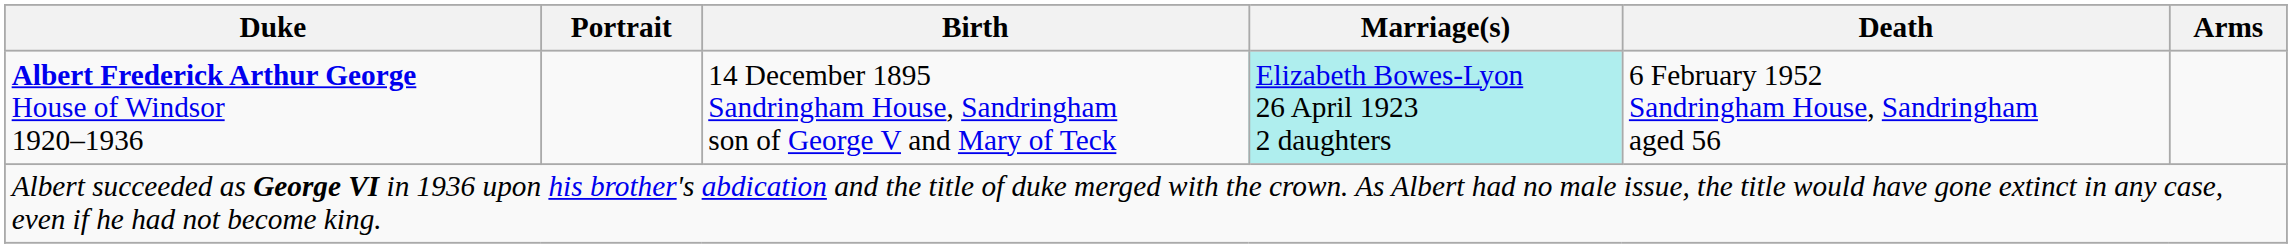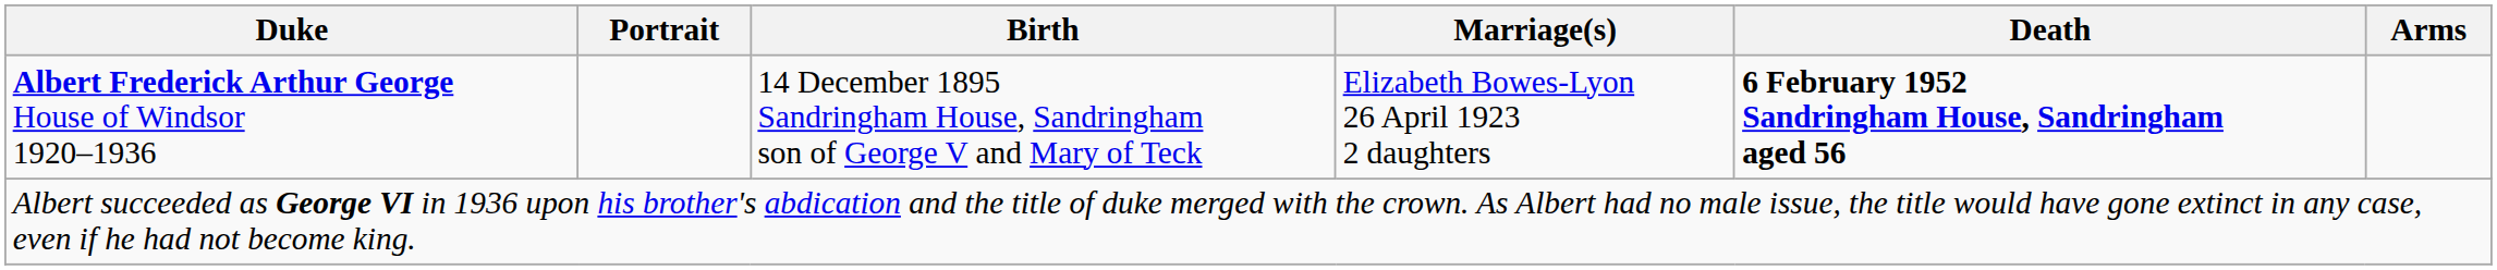 <table class="wikitable">
 <tr>
 <th>Duke</th>
 <th>Portrait</th>
 <th>Birth</th>
 <th>Marriage(s)</th>
 <th>Death</th>
 <th>Arms</th>
 </tr>
 <tr>
 <td><strong><a href='#'>Albert Frederick Arthur George</a> </strong><br><a href='#'>House of Windsor</a><br>1920–1936<br><em></em></td>
 <td></td>
 <td>14 December 1895<br><a href='#'>Sandringham House</a>, <a href='#'>Sandringham</a><br>son of <a href='#'>George V</a> and <a href='#'>Mary of Teck</a></td>
-<td style="background: paleturquoise;"><a href='#'>Elizabeth Bowes-Lyon</a><br>26 April 1923<br>2 daughters</td>
-<td>6 February 1952<br><a href='#'>Sandringham House</a>, <a href='#'>Sandringham</a><br>aged 56</td>
+<td><a href='#'>Elizabeth Bowes-Lyon</a><br>26 April 1923<br>2 daughters</td>
+<td><strong>6 February 1952<br><a href='#'>Sandringham House</a>, <a href='#'>Sandringham</a><br>aged 56</strong></td>
 <td></td>
 </tr>
 <tr>
 <td colspan="6"><em>Albert succeeded as <strong>George VI</strong> in 1936 upon <a href='#'>his brother</a>'s <a href='#'>abdication</a> and the title of duke merged with the crown. As Albert had no male issue, the title would have gone extinct in any case, even if he had not become king.</em></td>
 </tr>
 </table>
